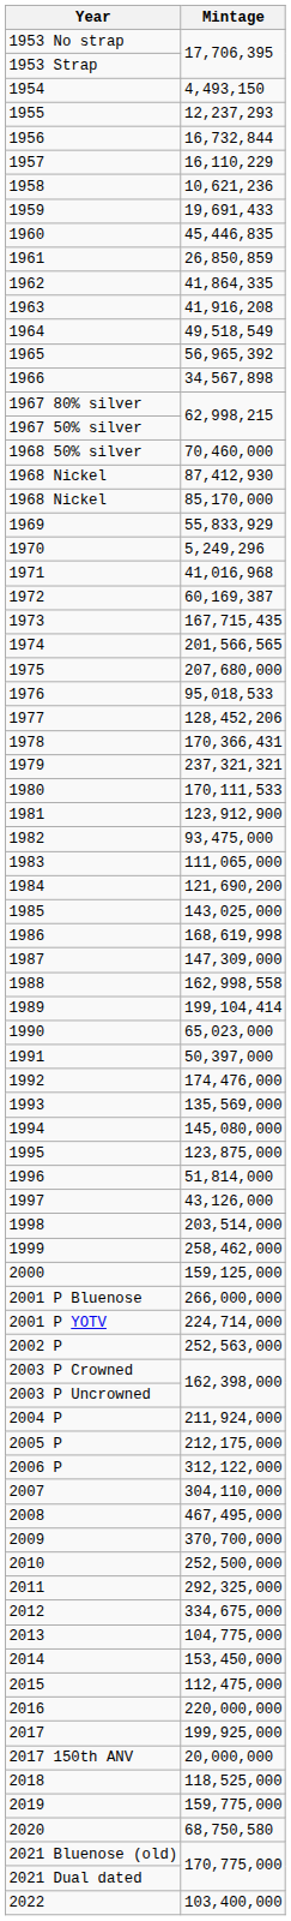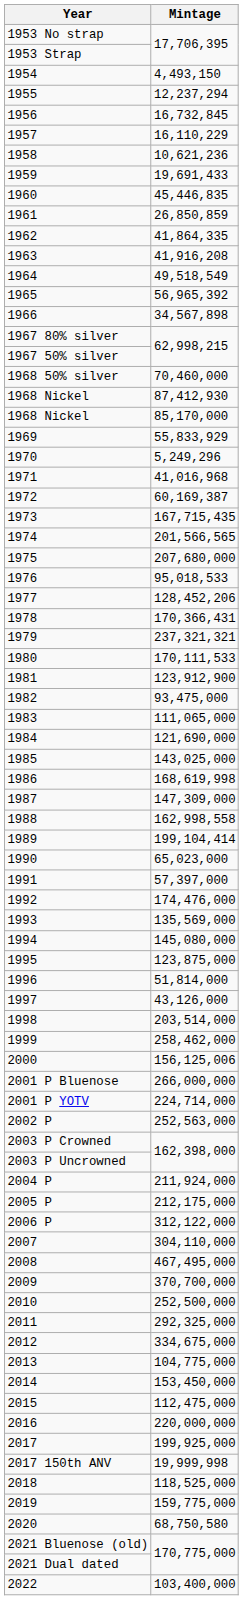 <table class="wikitable sortable">
 <tr>
 <th>Year</th>
 <th>Mintage</th>
 </tr>
 <tr>
 <td>1953 No strap</td>
 <td rowspan="2">17,706,395</td>
 </tr>
 <tr>
 <td>1953 Strap</td>
 </tr>
 <tr>
 <td>1954</td>
 <td>4,493,150</td>
 </tr>
 <tr>
 <td>1955</td>
-<td>12,237,293</td>
+<td>12,237,294</td>
 </tr>
 <tr>
 <td>1956</td>
-<td>16,732,844</td>
+<td>16,732,845</td>
 </tr>
 <tr>
 <td>1957</td>
 <td>16,110,229</td>
 </tr>
 <tr>
 <td>1958</td>
 <td>10,621,236</td>
 </tr>
 <tr>
 <td>1959</td>
 <td>19,691,433</td>
 </tr>
 <tr>
 <td>1960</td>
 <td>45,446,835</td>
 </tr>
 <tr>
 <td>1961</td>
 <td>26,850,859</td>
 </tr>
 <tr>
 <td>1962</td>
 <td>41,864,335</td>
 </tr>
 <tr>
 <td>1963</td>
 <td>41,916,208</td>
 </tr>
 <tr>
 <td>1964</td>
 <td>49,518,549</td>
 </tr>
 <tr>
 <td>1965</td>
 <td>56,965,392</td>
 </tr>
 <tr>
 <td>1966</td>
 <td>34,567,898</td>
 </tr>
 <tr>
 <td>1967 80% silver</td>
 <td rowspan=2>62,998,215</td>
 </tr>
 <tr>
 <td>1967 50% silver</td>
 </tr>
 <tr>
 <td>1968 50% silver</td>
 <td>70,460,000</td>
 </tr>
 <tr>
 <td>1968 Nickel</td>
 <td>87,412,930</td>
 </tr>
 <tr>
 <td>1968 Nickel</td>
 <td>85,170,000</td>
 </tr>
 <tr>
 <td>1969</td>
 <td>55,833,929</td>
 </tr>
 <tr>
 <td>1970</td>
 <td>5,249,296</td>
 </tr>
 <tr>
 <td>1971</td>
 <td>41,016,968</td>
 </tr>
 <tr>
 <td>1972</td>
 <td>60,169,387</td>
 </tr>
 <tr>
 <td>1973</td>
 <td>167,715,435</td>
 </tr>
 <tr>
 <td>1974</td>
 <td>201,566,565</td>
 </tr>
 <tr>
 <td>1975</td>
 <td>207,680,000</td>
 </tr>
 <tr>
 <td>1976</td>
 <td>95,018,533</td>
 </tr>
 <tr>
 <td>1977</td>
 <td>128,452,206</td>
 </tr>
 <tr>
 <td>1978</td>
 <td>170,366,431</td>
 </tr>
 <tr>
 <td>1979</td>
 <td>237,321,321</td>
 </tr>
 <tr>
 <td>1980</td>
 <td>170,111,533</td>
 </tr>
 <tr>
 <td>1981</td>
 <td>123,912,900</td>
 </tr>
 <tr>
 <td>1982</td>
 <td>93,475,000</td>
 </tr>
 <tr>
 <td>1983</td>
 <td>111,065,000</td>
 </tr>
 <tr>
 <td>1984</td>
-<td>121,690,200</td>
+<td>121,690,000</td>
 </tr>
 <tr>
 <td>1985</td>
 <td>143,025,000</td>
 </tr>
 <tr>
 <td>1986</td>
 <td>168,619,998</td>
 </tr>
 <tr>
 <td>1987</td>
 <td>147,309,000</td>
 </tr>
 <tr>
 <td>1988</td>
 <td>162,998,558</td>
 </tr>
 <tr>
 <td>1989</td>
 <td>199,104,414</td>
 </tr>
 <tr>
 <td>1990</td>
 <td>65,023,000</td>
 </tr>
 <tr>
 <td>1991</td>
-<td>50,397,000</td>
+<td>57,397,000</td>
 </tr>
 <tr>
 <td>1992</td>
 <td>174,476,000</td>
 </tr>
 <tr>
 <td>1993</td>
 <td>135,569,000</td>
 </tr>
 <tr>
 <td>1994</td>
 <td>145,080,000</td>
 </tr>
 <tr>
 <td>1995</td>
 <td>123,875,000</td>
 </tr>
 <tr>
 <td>1996</td>
 <td>51,814,000</td>
 </tr>
 <tr>
 <td>1997</td>
 <td>43,126,000</td>
 </tr>
 <tr>
 <td>1998</td>
 <td>203,514,000</td>
 </tr>
 <tr>
 <td>1999</td>
 <td>258,462,000</td>
 </tr>
 <tr>
 <td>2000</td>
-<td>159,125,000</td>
+<td>156,125,006</td>
 </tr>
 <tr>
 <td>2001 P Bluenose</td>
 <td>266,000,000</td>
 </tr>
 <tr>
 <td>2001 P <a href='#'>YOTV</a></td>
 <td>224,714,000</td>
 </tr>
 <tr>
 <td>2002 P</td>
 <td>252,563,000</td>
 </tr>
 <tr>
 <td>2003 P Crowned</td>
 <td rowspan=2>162,398,000</td>
 </tr>
 <tr>
 <td>2003 P Uncrowned</td>
 </tr>
 <tr>
 <td>2004 P</td>
 <td>211,924,000</td>
 </tr>
 <tr>
 <td>2005 P</td>
 <td>212,175,000</td>
 </tr>
 <tr>
 <td>2006 P</td>
 <td>312,122,000</td>
 </tr>
 <tr>
 <td>2007</td>
 <td>304,110,000</td>
 </tr>
 <tr>
 <td>2008</td>
 <td>467,495,000</td>
 </tr>
 <tr>
 <td>2009</td>
 <td>370,700,000</td>
 </tr>
 <tr>
 <td>2010</td>
 <td>252,500,000</td>
 </tr>
 <tr>
 <td>2011</td>
 <td>292,325,000</td>
 </tr>
 <tr>
 <td>2012</td>
 <td>334,675,000</td>
 </tr>
 <tr>
 <td>2013</td>
 <td>104,775,000</td>
 </tr>
 <tr>
 <td>2014</td>
 <td>153,450,000</td>
 </tr>
 <tr>
 <td>2015</td>
 <td>112,475,000</td>
 </tr>
 <tr>
 <td>2016</td>
 <td>220,000,000</td>
 </tr>
 <tr>
 <td>2017</td>
 <td>199,925,000</td>
 </tr>
 <tr>
 <td>2017 150th ANV</td>
-<td>20,000,000</td>
+<td>19,999,998</td>
 </tr>
 <tr>
 <td>2018</td>
 <td>118,525,000</td>
 </tr>
 <tr>
 <td>2019</td>
 <td>159,775,000</td>
 </tr>
 <tr>
 <td>2020</td>
 <td>68,750,580</td>
 </tr>
 <tr>
 <td>2021 Bluenose (old)</td>
 <td rowspan=2>170,775,000</td>
 </tr>
 <tr>
 <td>2021 Dual dated</td>
 </tr>
 <tr>
 <td>2022</td>
 <td>103,400,000</td>
 </tr>
 </table>
